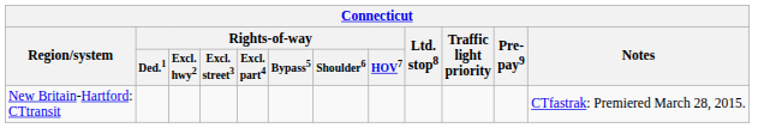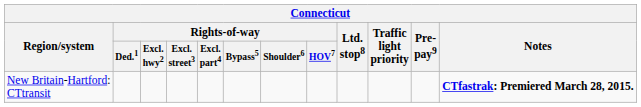 <table class="wikitable">
 <tr>
 <th colspan="12"><a href='#'>Connecticut</a></th>
 </tr>
 <tr>
 <th rowspan="2">Region/system</th>
 <th colspan="7">Rights-of-way</th>
 <th rowspan="2">Ltd.<br>stop<sup>8</sup></th>
 <th rowspan="2">Traffic<br>light<br>priority</th>
 <th rowspan="2">Pre-<br>pay<sup>9</sup></th>
 <th rowspan="2">Notes</th>
 </tr>
 <tr style="font-size: smaller">
 <th>Ded.<sup>1</sup></th>
 <th>Excl.<br>hwy<sup>2</sup></th>
 <th>Excl.<br>street<sup>3</sup></th>
 <th>Excl.<br>part<sup>4</sup></th>
 <th>Bypass<sup>5</sup></th>
 <th>Shoulder<sup>6</sup></th>
 <th><a href='#'>HOV</a><sup>7</sup></th>
 </tr>
 <tr>
 <td><a href='#'>New Britain</a>-<a href='#'>Hartford</a>:<br><a href='#'>CTtransit</a></td>
 <td></td>
 <td></td>
 <td></td>
 <td></td>
 <td></td>
 <td></td>
 <td></td>
 <td></td>
 <td></td>
 <td></td>
-<td><a href='#'>CTfastrak</a>: Premiered March 28, 2015.</td>
+<td><strong><a href='#'>CTfastrak</a>: Premiered March 28, 2015.</strong></td>
 </tr>
 </table>
